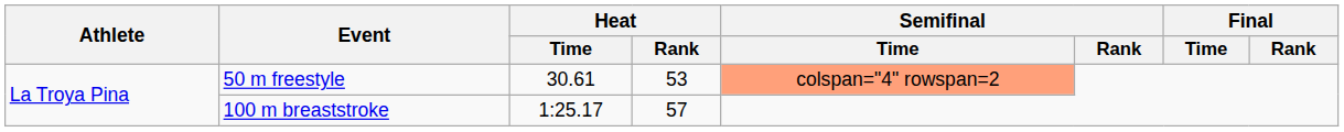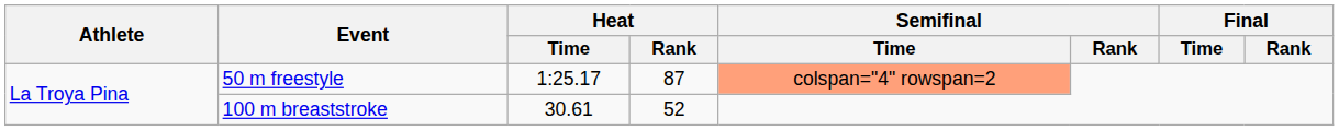 <table class="wikitable" style="text-align:center; font-size:90%; width:50%;">
 <tr>
 <th rowspan="2">Athlete</th>
 <th rowspan="2">Event</th>
 <th colspan="2">Heat</th>
 <th colspan="2">Semifinal</th>
 <th colspan="2">Final</th>
 </tr>
 <tr style="font-size:95%">
 <th>Time</th>
 <th>Rank</th>
 <th>Time</th>
 <th>Rank</th>
 <th>Time</th>
 <th>Rank</th>
 </tr>
 <tr>
 <td align=left rowspan=2><a href='#'>La Troya Pina</a></td>
 <td align=left><a href='#'>50 m freestyle</a></td>
-<td>30.61</td>
-<td>53</td>
+<td>1:25.17</td>
+<td>87</td>
 <td style="background: lightsalmon;">colspan="4" rowspan=2 </td>
 </tr>
 <tr>
 <td align=left><a href='#'>100 m breaststroke</a></td>
-<td>1:25.17</td>
-<td>57</td>
+<td>30.61</td>
+<td>52</td>
 </tr>
 </table>
